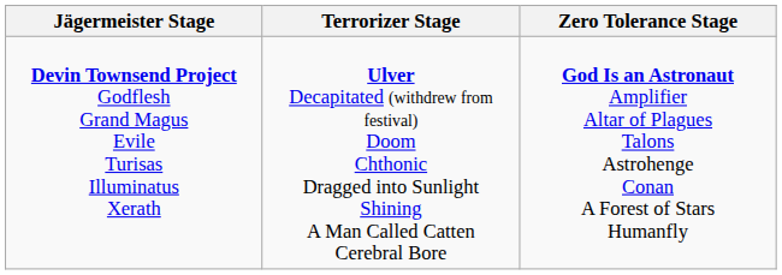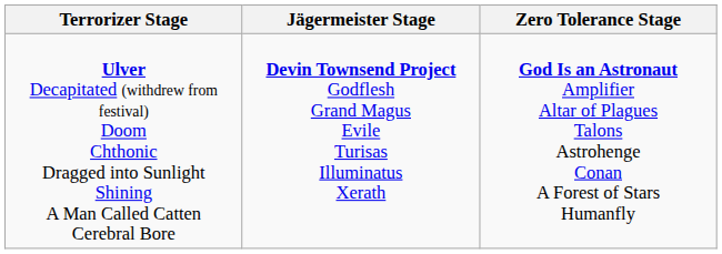 <table class="wikitable">
 <tr>
+<th>Terrorizer Stage</th>
 <th>Jägermeister Stage</th>
-<th>Terrorizer Stage</th>
 <th>Zero Tolerance Stage</th>
 </tr>
 <tr>
+<td valign="top" align="center" width=200><br><strong><a href='#'>Ulver</a></strong><br> <a href='#'>Decapitated</a> <small>(withdrew from festival)</small><br> <a href='#'>Doom</a><br> <a href='#'>Chthonic</a><br> Dragged into Sunlight<br> <a href='#'>Shining</a><br> A Man Called Catten<br> Cerebral Bore<br></td>
 <td valign="top" align="center" width=200><br><strong><a href='#'>Devin Townsend Project</a></strong><br> <a href='#'>Godflesh</a><br> <a href='#'>Grand Magus</a><br> <a href='#'>Evile</a><br> <a href='#'>Turisas</a><br> <a href='#'>Illuminatus</a><br> <a href='#'>Xerath</a><br></td>
-<td valign="top" align="center" width=200><br><strong><a href='#'>Ulver</a></strong><br> <a href='#'>Decapitated</a> <small>(withdrew from festival)</small><br> <a href='#'>Doom</a><br> <a href='#'>Chthonic</a><br> Dragged into Sunlight<br> <a href='#'>Shining</a><br> A Man Called Catten<br> Cerebral Bore<br></td>
 <td valign="top" align="center" width=200><br><strong><a href='#'>God Is an Astronaut</a></strong><br> <a href='#'>Amplifier</a><br> <a href='#'>Altar of Plagues</a><br> <a href='#'>Talons</a><br> Astrohenge<br> <a href='#'>Conan</a><br> A Forest of Stars<br> Humanfly<br></td>
 </tr>
 </table>
